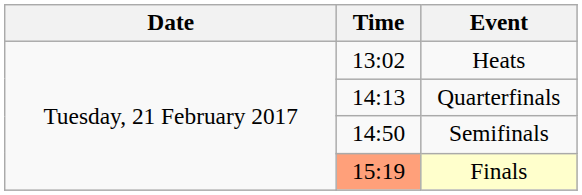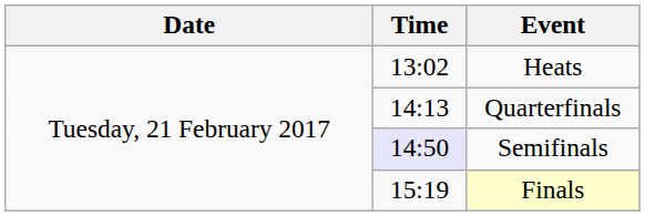 <table class = "wikitable" style="text-align:center;">
 <tr>
 <th width=220>Date</th>
 <th width=50>Time</th>
 <th width=100>Event</th>
 </tr>
 <tr>
 <td rowspan=4>Tuesday, 21 February 2017</td>
 <td>13:02</td>
 <td>Heats</td>
 </tr>
 <tr>
 <td>14:13</td>
 <td>Quarterfinals</td>
 </tr>
 <tr>
-<td>14:50</td>
+<td style="background: lavender;">14:50</td>
 <td>Semifinals</td>
 </tr>
 <tr>
-<td style="background: lightsalmon;">15:19</td>
+<td>15:19</td>
 <td bgcolor=ffffcc>Finals</td>
 </tr>
 </table>
